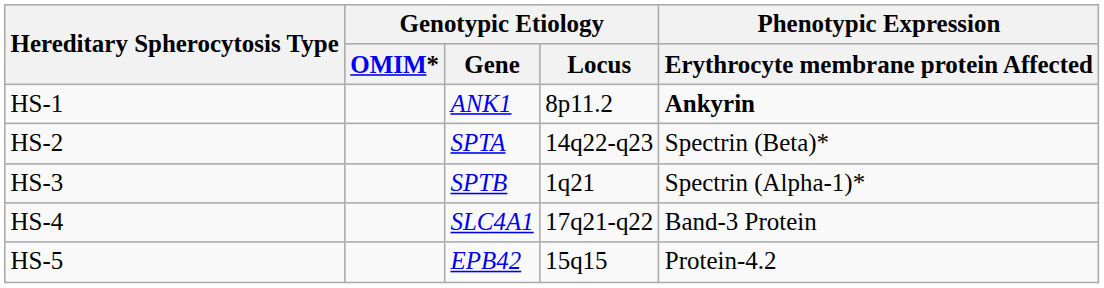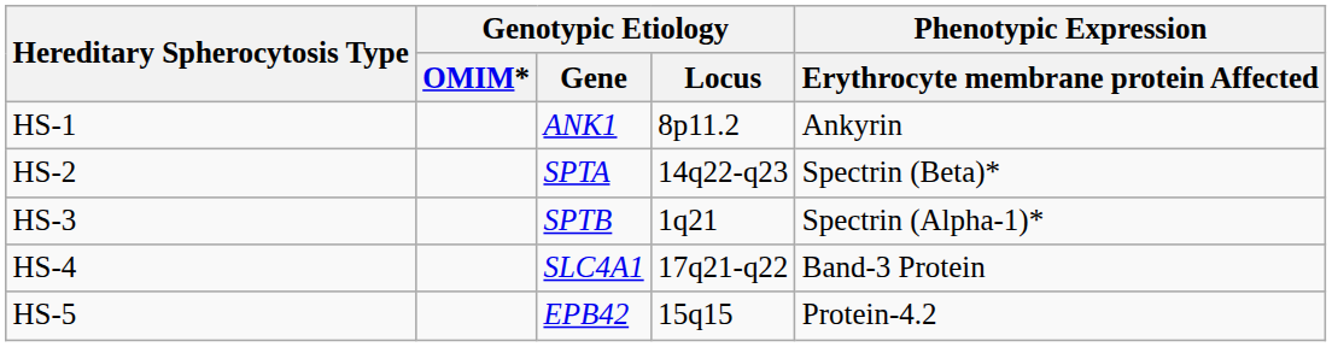 <table class="wikitable" style=" style="float:right; margin-left: 10px; text-align:center">
 <tr>
 <th rowspan="2">Hereditary Spherocytosis Type</th>
 <th colspan="3">Genotypic Etiology</th>
 <th>Phenotypic Expression</th>
 </tr>
 <tr>
 <th><a href='#'>OMIM</a>*</th>
 <th>Gene</th>
 <th>Locus</th>
 <th>Erythrocyte membrane protein Affected</th>
 </tr>
 <tr>
 <td>HS-1</td>
 <td></td>
 <td><em><a href='#'>ANK1</a></em></td>
 <td>8p11.2</td>
-<td><strong>Ankyrin</strong></td>
+<td>Ankyrin</td>
 </tr>
 <tr>
 <td>HS-2</td>
 <td></td>
 <td><em><a href='#'>SPTA</a></em></td>
 <td>14q22-q23</td>
 <td>Spectrin (Beta)*</td>
 </tr>
 <tr>
 <td>HS-3</td>
 <td></td>
 <td><em><a href='#'>SPTB</a></em></td>
 <td>1q21</td>
 <td>Spectrin (Alpha-1)*</td>
 </tr>
 <tr>
 <td>HS-4</td>
 <td></td>
 <td><em><a href='#'>SLC4A1</a></em></td>
 <td>17q21-q22</td>
 <td>Band-3 Protein</td>
 </tr>
 <tr>
 <td>HS-5</td>
 <td></td>
 <td><em><a href='#'>EPB42</a></em></td>
 <td>15q15</td>
 <td>Protein-4.2</td>
 </tr>
 </table>
